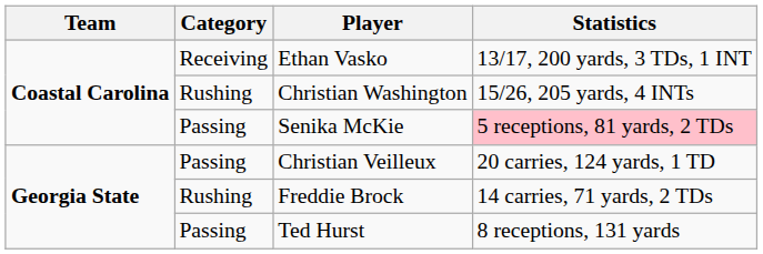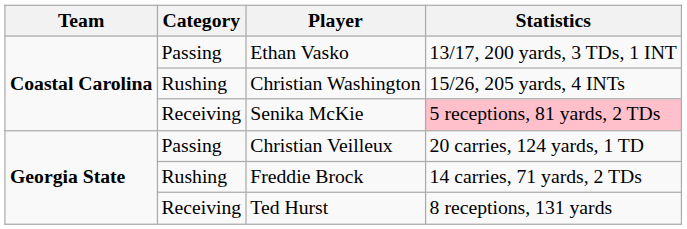 <table class="wikitable" style="float: right;">
 <tr>
 <th>Team</th>
 <th>Category</th>
 <th>Player</th>
 <th>Statistics</th>
 </tr>
 <tr>
 <td rowspan=3><strong>Coastal Carolina</strong></td>
-<td>Receiving</td>
+<td>Passing</td>
 <td>Ethan Vasko</td>
 <td>13/17, 200 yards, 3 TDs, 1 INT</td>
 </tr>
 <tr>
 <td>Rushing</td>
 <td>Christian Washington</td>
 <td>15/26, 205 yards, 4 INTs</td>
 </tr>
 <tr>
-<td>Passing</td>
+<td>Receiving</td>
 <td>Senika McKie</td>
 <td style="background: pink;">5 receptions, 81 yards, 2 TDs</td>
 </tr>
 <tr>
 <td rowspan=3><strong>Georgia State</strong></td>
 <td>Passing</td>
 <td>Christian Veilleux</td>
 <td>20 carries, 124 yards, 1 TD</td>
 </tr>
 <tr>
 <td>Rushing</td>
 <td>Freddie Brock</td>
 <td>14 carries, 71 yards, 2 TDs</td>
 </tr>
 <tr>
-<td>Passing</td>
+<td>Receiving</td>
 <td>Ted Hurst</td>
 <td>8 receptions, 131 yards</td>
 </tr>
 </table>
